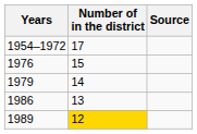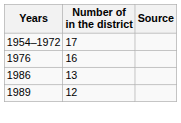 <table class="wikitable">
 <tr>
 <th>Years</th>
 <th>Number of<br> in the district</th>
 <th>Source</th>
 </tr>
 <tr>
 <td>1954–1972</td>
 <td>17</td>
 <td></td>
 </tr>
 <tr>
 <td>1976</td>
-<td>15</td>
-<td></td>
-</tr>
-<tr>
-<td>1979</td>
-<td>14</td>
+<td>16</td>
 <td></td>
 </tr>
 <tr>
 <td>1986</td>
 <td>13</td>
 <td></td>
 </tr>
 <tr>
 <td>1989</td>
-<td style="background: gold;">12</td>
+<td>12</td>
 <td></td>
 </tr>
 </table>
